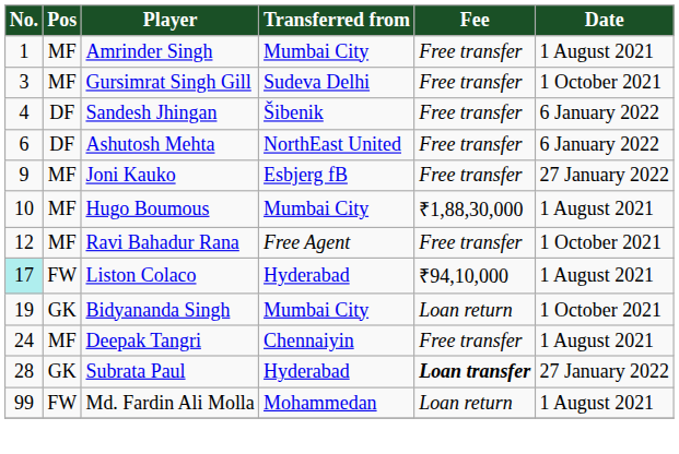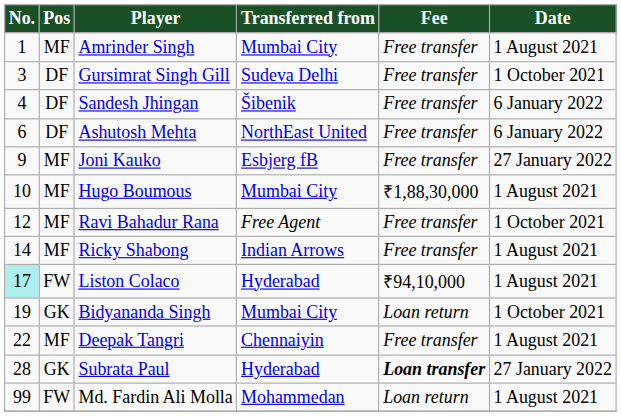 <table class="wikitable plainrowheaders sortable">
 <tr>
 <th style="background:#1A5026; color:#FFFFFF; ">No.</th>
 <th style="background:#1A5026; color:#FFFFFF; ">Pos</th>
 <th style="background:#1A5026; color:#FFFFFF; ">Player</th>
 <th style="background:#1A5026; color:#FFFFFF; ">Transferred from</th>
 <th style="background:#1A5026; color:#FFFFFF; ">Fee</th>
 <th style="background:#1A5026; color:#FFFFFF; ">Date</th>
 </tr>
 <tr>
 <td align=center>1</td>
 <td align=center>MF</td>
 <td> <a href='#'>Amrinder Singh</a></td>
 <td> <a href='#'>Mumbai City</a></td>
 <td><em>Free transfer</em></td>
 <td>1 August 2021</td>
 </tr>
 <tr>
 <td align=center>3</td>
-<td align=center>MF</td>
+<td align=center>DF</td>
 <td> <a href='#'>Gursimrat Singh Gill</a></td>
 <td> <a href='#'>Sudeva Delhi</a></td>
 <td><em>Free transfer</em></td>
 <td>1 October 2021</td>
 </tr>
 <tr>
 <td align=center>4</td>
 <td align=center>DF</td>
 <td> <a href='#'>Sandesh Jhingan</a></td>
 <td> <a href='#'>Šibenik</a></td>
 <td><em>Free transfer</em></td>
 <td>6 January 2022</td>
 </tr>
 <tr>
 <td align=center>6</td>
 <td align=center>DF</td>
 <td> <a href='#'>Ashutosh Mehta</a></td>
 <td> <a href='#'>NorthEast United</a></td>
 <td><em>Free transfer</em></td>
 <td>6 January 2022</td>
 </tr>
 <tr>
 <td align=center>9</td>
 <td align=center>MF</td>
 <td> <a href='#'>Joni Kauko</a></td>
 <td> <a href='#'>Esbjerg fB</a></td>
 <td><em>Free transfer</em></td>
 <td>27 January 2022</td>
 </tr>
 <tr>
 <td align=center>10</td>
 <td align=center>MF</td>
 <td> <a href='#'>Hugo Boumous</a></td>
 <td> <a href='#'>Mumbai City</a></td>
 <td>₹1,88,30,000</td>
 <td>1 August 2021</td>
 </tr>
 <tr>
 <td align=center>12</td>
 <td align=center>MF</td>
 <td> <a href='#'>Ravi Bahadur Rana</a></td>
 <td><em>Free Agent</em></td>
 <td><em>Free transfer</em></td>
 <td>1 October 2021</td>
 </tr>
 <tr>
+<td align=center>14</td>
+<td align=center>MF</td>
+<td> <a href='#'>Ricky Shabong</a></td>
+<td> <a href='#'>Indian Arrows</a></td>
+<td><em>Free transfer</em></td>
+<td>1 August 2021</td>
+</tr>
+<tr>
 <td align=center style="background: paleturquoise;">17</td>
 <td align=center>FW</td>
 <td> <a href='#'>Liston Colaco</a></td>
 <td> <a href='#'>Hyderabad</a></td>
 <td>₹94,10,000</td>
 <td>1 August 2021</td>
 </tr>
 <tr>
 <td align=center>19</td>
 <td align=center>GK</td>
 <td> <a href='#'>Bidyananda Singh</a></td>
 <td> <a href='#'>Mumbai City</a></td>
 <td><em>Loan return</em></td>
 <td>1 October 2021</td>
 </tr>
 <tr>
-<td align=center>24</td>
+<td align=center>22</td>
 <td align=center>MF</td>
 <td> <a href='#'>Deepak Tangri</a></td>
 <td> <a href='#'>Chennaiyin</a></td>
 <td><em>Free transfer</em></td>
 <td>1 August 2021</td>
 </tr>
 <tr>
 <td align=center>28</td>
 <td align=center>GK</td>
 <td> <a href='#'>Subrata Paul</a></td>
 <td> <a href='#'>Hyderabad</a></td>
 <td><strong><em>Loan transfer</em></strong></td>
 <td>27 January 2022</td>
 </tr>
 <tr>
 <td align=center>99</td>
 <td align=center>FW</td>
 <td> Md. Fardin Ali Molla</td>
 <td> <a href='#'>Mohammedan</a></td>
 <td><em>Loan return</em></td>
 <td>1 August 2021</td>
 </tr>
 <tr>
 </tr>
 </table>
